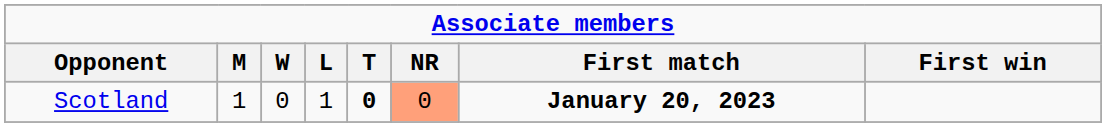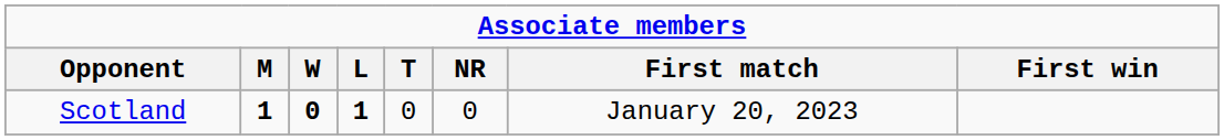 <table class="wikitable" style="text-align: center; width: 600px">
 <tr>
 <td colspan="30" style="text-align: center;"><strong><a href='#'>Associate members</a></strong></td>
 </tr>
 <tr>
 <th>Opponent</th>
 <th>M</th>
 <th>W</th>
 <th>L</th>
 <th>T</th>
 <th>NR</th>
 <th>First match</th>
 <th>First win</th>
 </tr>
 <tr>
 <td> <a href='#'>Scotland</a></td>
-<td>1</td>
+<td><strong>1</strong></td>
+<td><strong>0</strong></td>
+<td><strong>1</strong></td>
 <td>0</td>
-<td>1</td>
-<td><strong>0</strong></td>
-<td style="background: lightsalmon;">0</td>
-<td><strong>January 20, 2023</strong></td>
+<td>0</td>
+<td>January 20, 2023</td>
 <td></td>
 </tr>
 </table>
